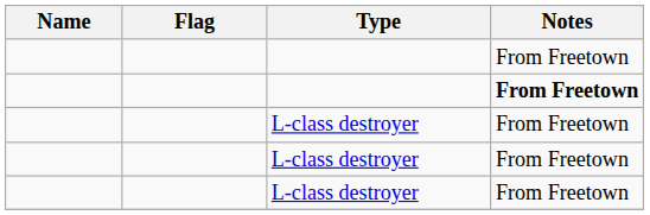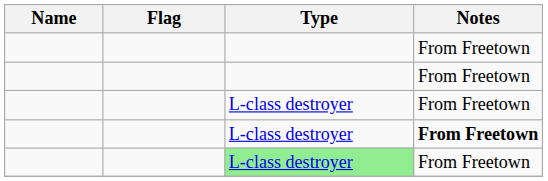 <table class="wikitable sortable">
 <tr>
 <th scope="col" width="80px">Name</th>
 <th scope="col" width="100px">Flag</th>
 <th scope="col" width="160px">Type</th>
 <th>Notes</th>
 </tr>
 <tr>
 <td></td>
 <td></td>
 <td></td>
 <td>From Freetown</td>
 </tr>
 <tr>
 <td></td>
 <td></td>
 <td></td>
-<td><strong>From Freetown</strong></td>
-</tr>
-<tr>
-<td></td>
-<td></td>
-<td><a href='#'>L-class destroyer</a></td>
 <td>From Freetown</td>
 </tr>
 <tr>
 <td></td>
 <td></td>
 <td><a href='#'>L-class destroyer</a></td>
 <td>From Freetown</td>
 </tr>
 <tr>
 <td></td>
 <td></td>
 <td><a href='#'>L-class destroyer</a></td>
+<td><strong>From Freetown</strong></td>
+</tr>
+<tr>
+<td></td>
+<td></td>
+<td style="background: lightgreen;"><a href='#'>L-class destroyer</a></td>
 <td>From Freetown</td>
 </tr>
 <tr>
 </tr>
 </table>
